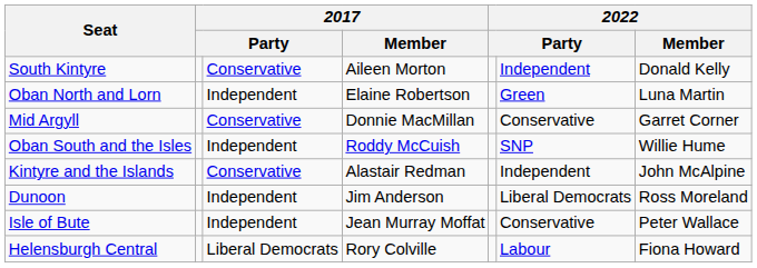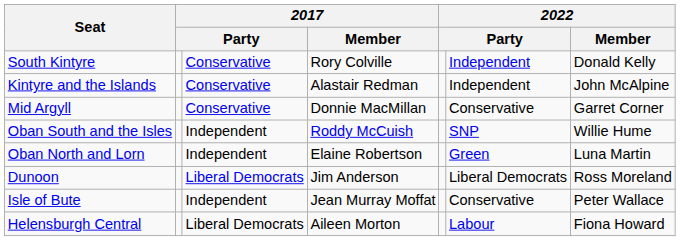 <table class="wikitable">
 <tr>
 <th scope="col" rowspan="2" style="text-align:center">Seat</th>
 <th scope="col" colspan="3" style="text-align:center"><em>2017</em></th>
 <th scope="col" colspan="3" style="text-align:center"><em>2022</em></th>
 </tr>
 <tr>
 <th colspan="2" style="text-align:center">Party</th>
 <th style="text-align:center">Member</th>
 <th colspan="2" style="text-align:center">Party</th>
 <th style="text-align:center">Member</th>
 </tr>
 <tr>
 <td scope="row"><a href='#'>South Kintyre</a></td>
 <td></td>
 <td><a href='#'>Conservative</a></td>
-<td>Aileen Morton</td>
+<td>Rory Colville</td>
 <td></td>
 <td><a href='#'>Independent</a></td>
 <td>Donald Kelly</td>
 </tr>
 <tr>
-<td scope="row"><a href='#'>Oban North and Lorn</a></td>
+<td scope="row"><a href='#'>Kintyre and the Islands</a></td>
+<td></td>
+<td><a href='#'>Conservative</a></td>
+<td>Alastair Redman</td>
 <td></td>
 <td>Independent</td>
-<td>Elaine Robertson</td>
-<td></td>
-<td><a href='#'>Green</a></td>
-<td>Luna Martin</td>
+<td>John McAlpine</td>
 </tr>
 <tr>
 <td scope="row"><a href='#'>Mid Argyll</a></td>
 <td></td>
 <td><a href='#'>Conservative</a></td>
 <td>Donnie MacMillan</td>
 <td></td>
 <td>Conservative</td>
 <td>Garret Corner</td>
 </tr>
 <tr>
 <td scope="row"><a href='#'>Oban South and the Isles</a></td>
 <td></td>
 <td>Independent</td>
 <td><a href='#'>Roddy McCuish</a></td>
 <td></td>
 <td><a href='#'>SNP</a></td>
 <td>Willie Hume</td>
 </tr>
 <tr>
-<td scope="row"><a href='#'>Kintyre and the Islands</a></td>
-<td></td>
-<td><a href='#'>Conservative</a></td>
-<td>Alastair Redman</td>
+<td scope="row"><a href='#'>Oban North and Lorn</a></td>
 <td></td>
 <td>Independent</td>
-<td>John McAlpine</td>
+<td>Elaine Robertson</td>
+<td></td>
+<td><a href='#'>Green</a></td>
+<td>Luna Martin</td>
 </tr>
 <tr>
 <td scope="row"><a href='#'>Dunoon</a></td>
 <td></td>
-<td>Independent</td>
+<td><a href='#'>Liberal Democrats</a></td>
 <td>Jim Anderson</td>
 <td></td>
 <td>Liberal Democrats</td>
 <td>Ross Moreland</td>
 </tr>
 <tr>
 <td scope="row"><a href='#'>Isle of Bute</a></td>
 <td></td>
 <td>Independent</td>
 <td>Jean Murray Moffat</td>
 <td></td>
 <td>Conservative</td>
 <td>Peter Wallace</td>
 </tr>
 <tr>
 <td scope="row"><a href='#'>Helensburgh Central</a></td>
 <td></td>
 <td>Liberal Democrats</td>
-<td>Rory Colville</td>
+<td>Aileen Morton</td>
 <td></td>
 <td><a href='#'>Labour</a></td>
 <td>Fiona Howard</td>
 </tr>
 </table>
